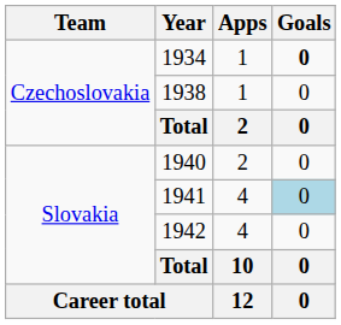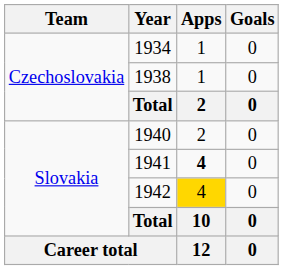 <table class="wikitable" style="text-align:center">
 <tr>
 <th>Team</th>
 <th>Year</th>
 <th>Apps</th>
 <th>Goals</th>
 </tr>
 <tr>
 <td rowspan="3"><a href='#'>Czechoslovakia</a></td>
 <td>1934</td>
 <td>1</td>
-<td><strong>0</strong></td>
+<td>0</td>
 </tr>
 <tr>
 <td>1938</td>
 <td>1</td>
 <td>0</td>
 </tr>
 <tr>
 <th>Total</th>
 <th>2</th>
 <th>0</th>
 </tr>
 <tr>
 <td rowspan="4"><a href='#'>Slovakia</a></td>
 <td>1940</td>
 <td>2</td>
 <td>0</td>
 </tr>
 <tr>
 <td>1941</td>
-<td>4</td>
-<td style="background: lightblue;">0</td>
+<td><strong>4</strong></td>
+<td>0</td>
 </tr>
 <tr>
 <td>1942</td>
-<td>4</td>
+<td style="background: gold;">4</td>
 <td>0</td>
 </tr>
 <tr>
 <th>Total</th>
 <th>10</th>
 <th>0</th>
 </tr>
 <tr>
 <th colspan="2">Career total</th>
 <th>12</th>
 <th>0</th>
 </tr>
 </table>
